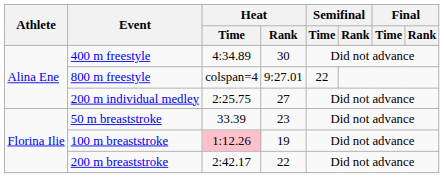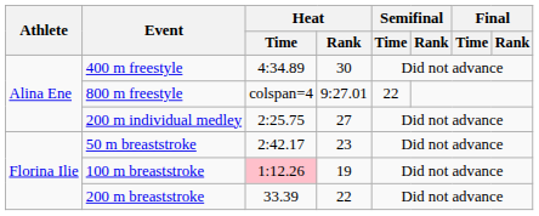 <table class=wikitable style="font-size:90%">
 <tr>
 <th rowspan=2>Athlete</th>
 <th rowspan=2>Event</th>
 <th colspan="2">Heat</th>
 <th colspan="2">Semifinal</th>
 <th colspan="2">Final</th>
 </tr>
 <tr style="font-size:95%">
 <th>Time</th>
 <th>Rank</th>
 <th>Time</th>
 <th>Rank</th>
 <th>Time</th>
 <th>Rank</th>
 </tr>
 <tr align=center>
 <td align=left rowspan=3><a href='#'>Alina Ene</a></td>
 <td align=left><a href='#'>400 m freestyle</a></td>
 <td>4:34.89</td>
 <td>30</td>
 <td colspan= 4>Did not advance</td>
 </tr>
 <tr align=center>
 <td align=left><a href='#'>800 m freestyle</a></td>
 <td>colspan=4 </td>
 <td>9:27.01</td>
 <td>22</td>
 </tr>
 <tr align=center>
 <td align=left><a href='#'>200 m individual medley</a></td>
 <td>2:25.75</td>
 <td>27</td>
 <td colspan= 4>Did not advance</td>
 </tr>
 <tr align=center>
 <td align=left rowspan=3><a href='#'>Florina Ilie</a></td>
 <td align=left><a href='#'>50 m breaststroke</a></td>
-<td>33.39</td>
+<td>2:42.17</td>
 <td>23</td>
 <td colspan= 4>Did not advance</td>
 </tr>
 <tr align=center>
 <td align=left><a href='#'>100 m breaststroke</a></td>
 <td style="background: pink;">1:12.26</td>
 <td>19</td>
 <td colspan= 4>Did not advance</td>
 </tr>
 <tr align=center>
 <td align=left><a href='#'>200 m breaststroke</a></td>
-<td>2:42.17</td>
+<td>33.39</td>
 <td>22</td>
 <td colspan= 4>Did not advance</td>
 </tr>
 </table>
